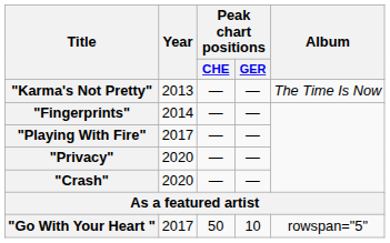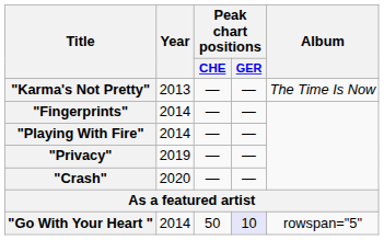 <table class="wikitable plainrowheaders" style="text-align:center">
 <tr>
 <th scope="col" rowspan="2">Title</th>
 <th scope="col" rowspan="2">Year</th>
 <th scope="col" colspan="2">Peak chart positions</th>
 <th scope="col" rowspan="2">Album</th>
 </tr>
 <tr>
 <th scope="col" style="width:2.5em;font-size:90%;"><a href='#'>CHE</a></th>
 <th scope="col" style="width:2.5em;font-size:85%;"><a href='#'>GER</a></th>
 </tr>
 <tr>
 <th scope="row">"Karma's Not Pretty"</th>
 <td>2013</td>
 <td>—</td>
 <td>—</td>
 <td><em>The Time Is Now</em></td>
 </tr>
 <tr>
 <th scope="row">"Fingerprints"</th>
 <td>2014</td>
 <td>—</td>
 <td>—</td>
 </tr>
 <tr>
 <th scope="row">"Playing With Fire"</th>
-<td>2017</td>
+<td>2014</td>
 <td>—</td>
 <td>—</td>
 </tr>
 <tr>
 <th scope="row">"Privacy"</th>
-<td>2020</td>
+<td>2019</td>
 <td>—</td>
 <td>—</td>
 </tr>
 <tr>
 <th scope="row">"Crash"</th>
 <td>2020</td>
 <td>—</td>
 <td>—</td>
 </tr>
 <tr>
 <th scope="col" colspan="6">As a featured artist</th>
 </tr>
 <tr>
 <th scope="row">"Go With Your Heart "</th>
-<td>2017</td>
+<td>2014</td>
 <td>50</td>
-<td>10</td>
+<td style="background: lavender;">10</td>
 <td>rowspan="5" </td>
 </tr>
 </table>
